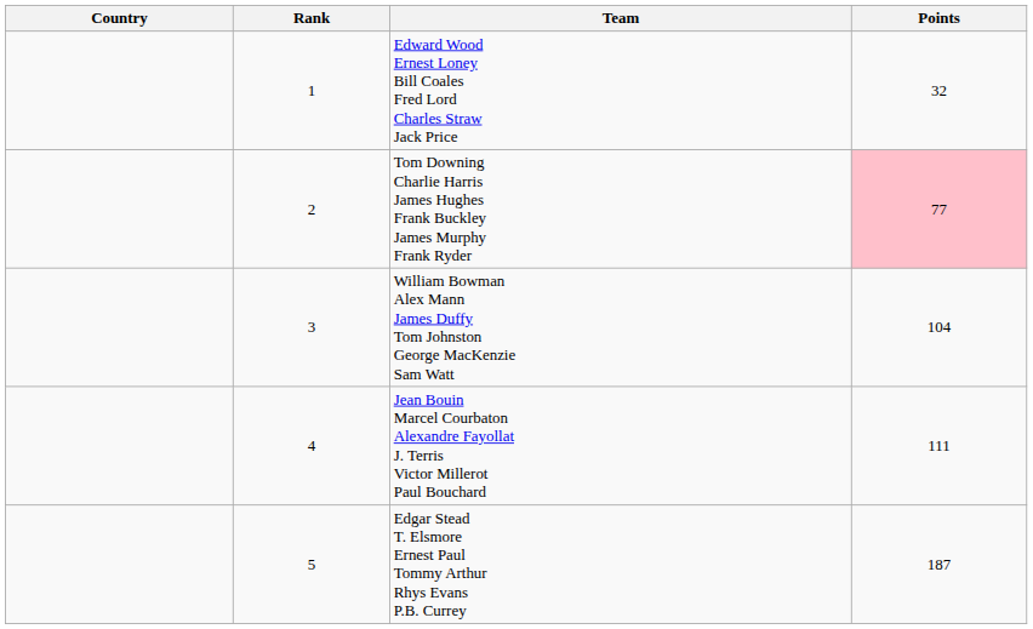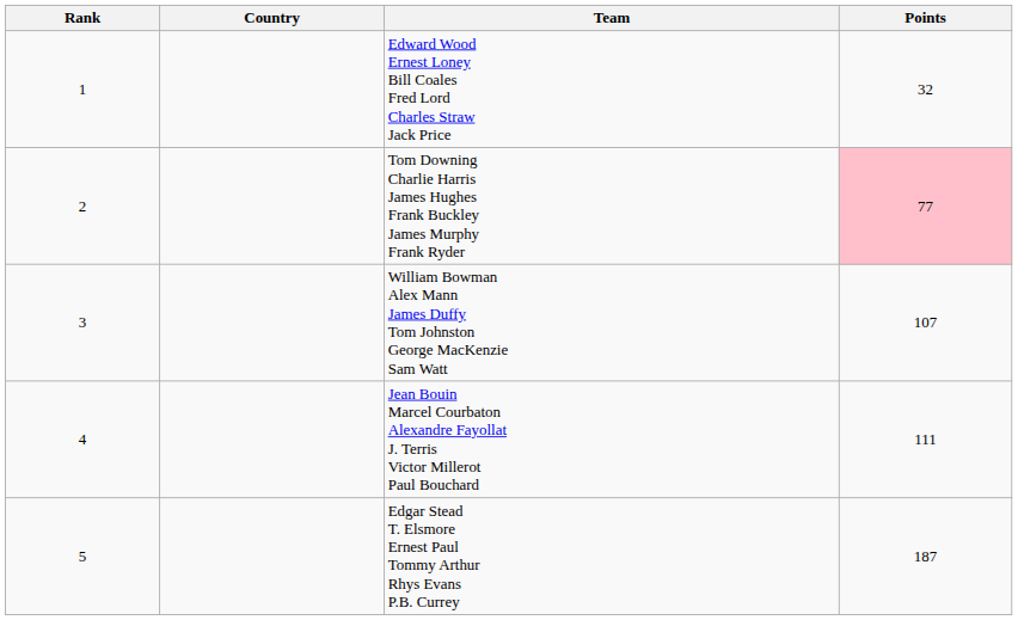 <table class="wikitable sortable" style=" text-align:center; font-size:95%;" width="50%">
 <tr>
+<th>Rank</th>
 <th>Country</th>
-<th>Rank</th>
 <th>Team</th>
 <th>Points</th>
 </tr>
 <tr>
+<td align=center>1</td>
 <td align=left></td>
-<td align=center>1</td>
 <td align=left><a href='#'>Edward Wood</a><br><a href='#'>Ernest Loney</a><br>Bill Coales<br>Fred Lord<br><a href='#'>Charles Straw</a><br>Jack Price</td>
 <td>32</td>
 </tr>
 <tr>
+<td align=center>2</td>
 <td align=left></td>
-<td align=center>2</td>
 <td align=left>Tom Downing<br>Charlie Harris<br>James Hughes<br>Frank Buckley<br>James Murphy<br>Frank Ryder</td>
 <td style="background: pink;">77</td>
 </tr>
 <tr>
+<td align=center>3</td>
 <td align=left></td>
-<td align=center>3</td>
 <td align=left>William Bowman<br>Alex Mann<br><a href='#'>James Duffy</a><br>Tom Johnston<br>George MacKenzie<br>Sam Watt</td>
-<td>104</td>
+<td>107</td>
 </tr>
 <tr>
+<td align=center>4</td>
 <td align=left></td>
-<td align=center>4</td>
 <td align=left><a href='#'>Jean Bouin</a><br>Marcel Courbaton<br><a href='#'>Alexandre Fayollat</a><br>J. Terris<br>Victor Millerot<br>Paul Bouchard</td>
 <td>111</td>
 </tr>
 <tr>
+<td align=center>5</td>
 <td align=left></td>
-<td align=center>5</td>
 <td align=left>Edgar Stead<br>T. Elsmore<br>Ernest Paul<br>Tommy Arthur<br>Rhys Evans<br>P.B. Currey</td>
 <td>187</td>
 </tr>
 </table>
